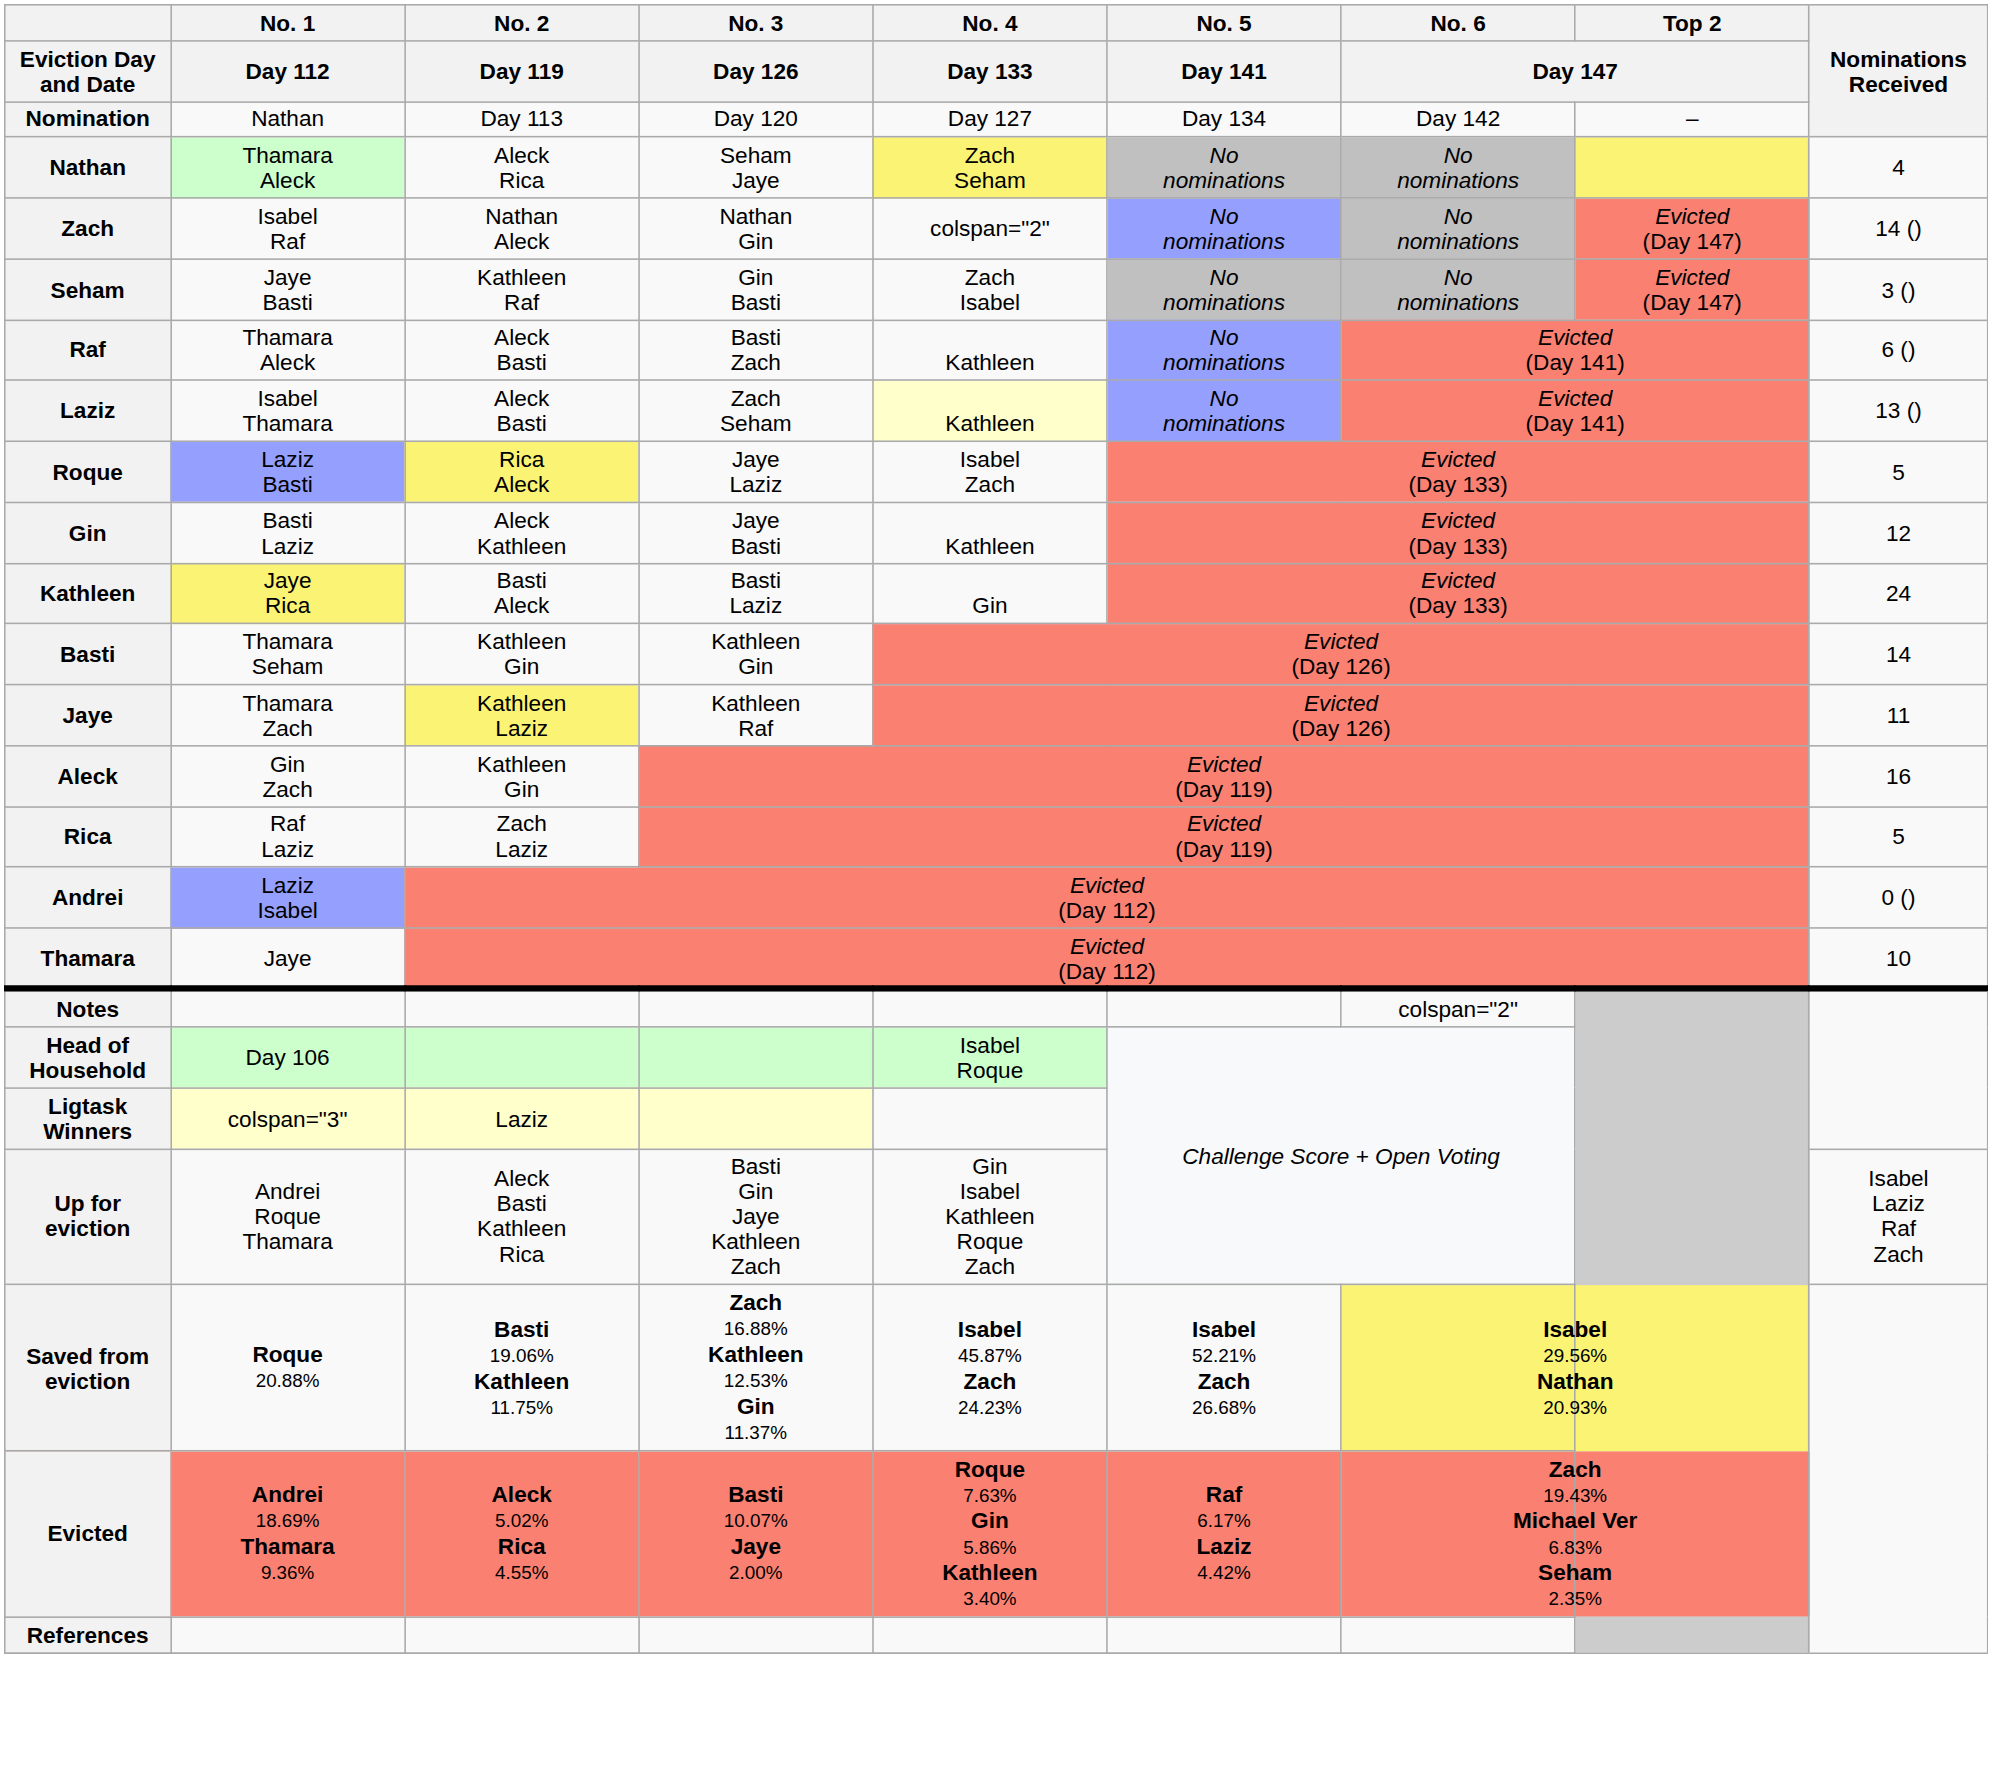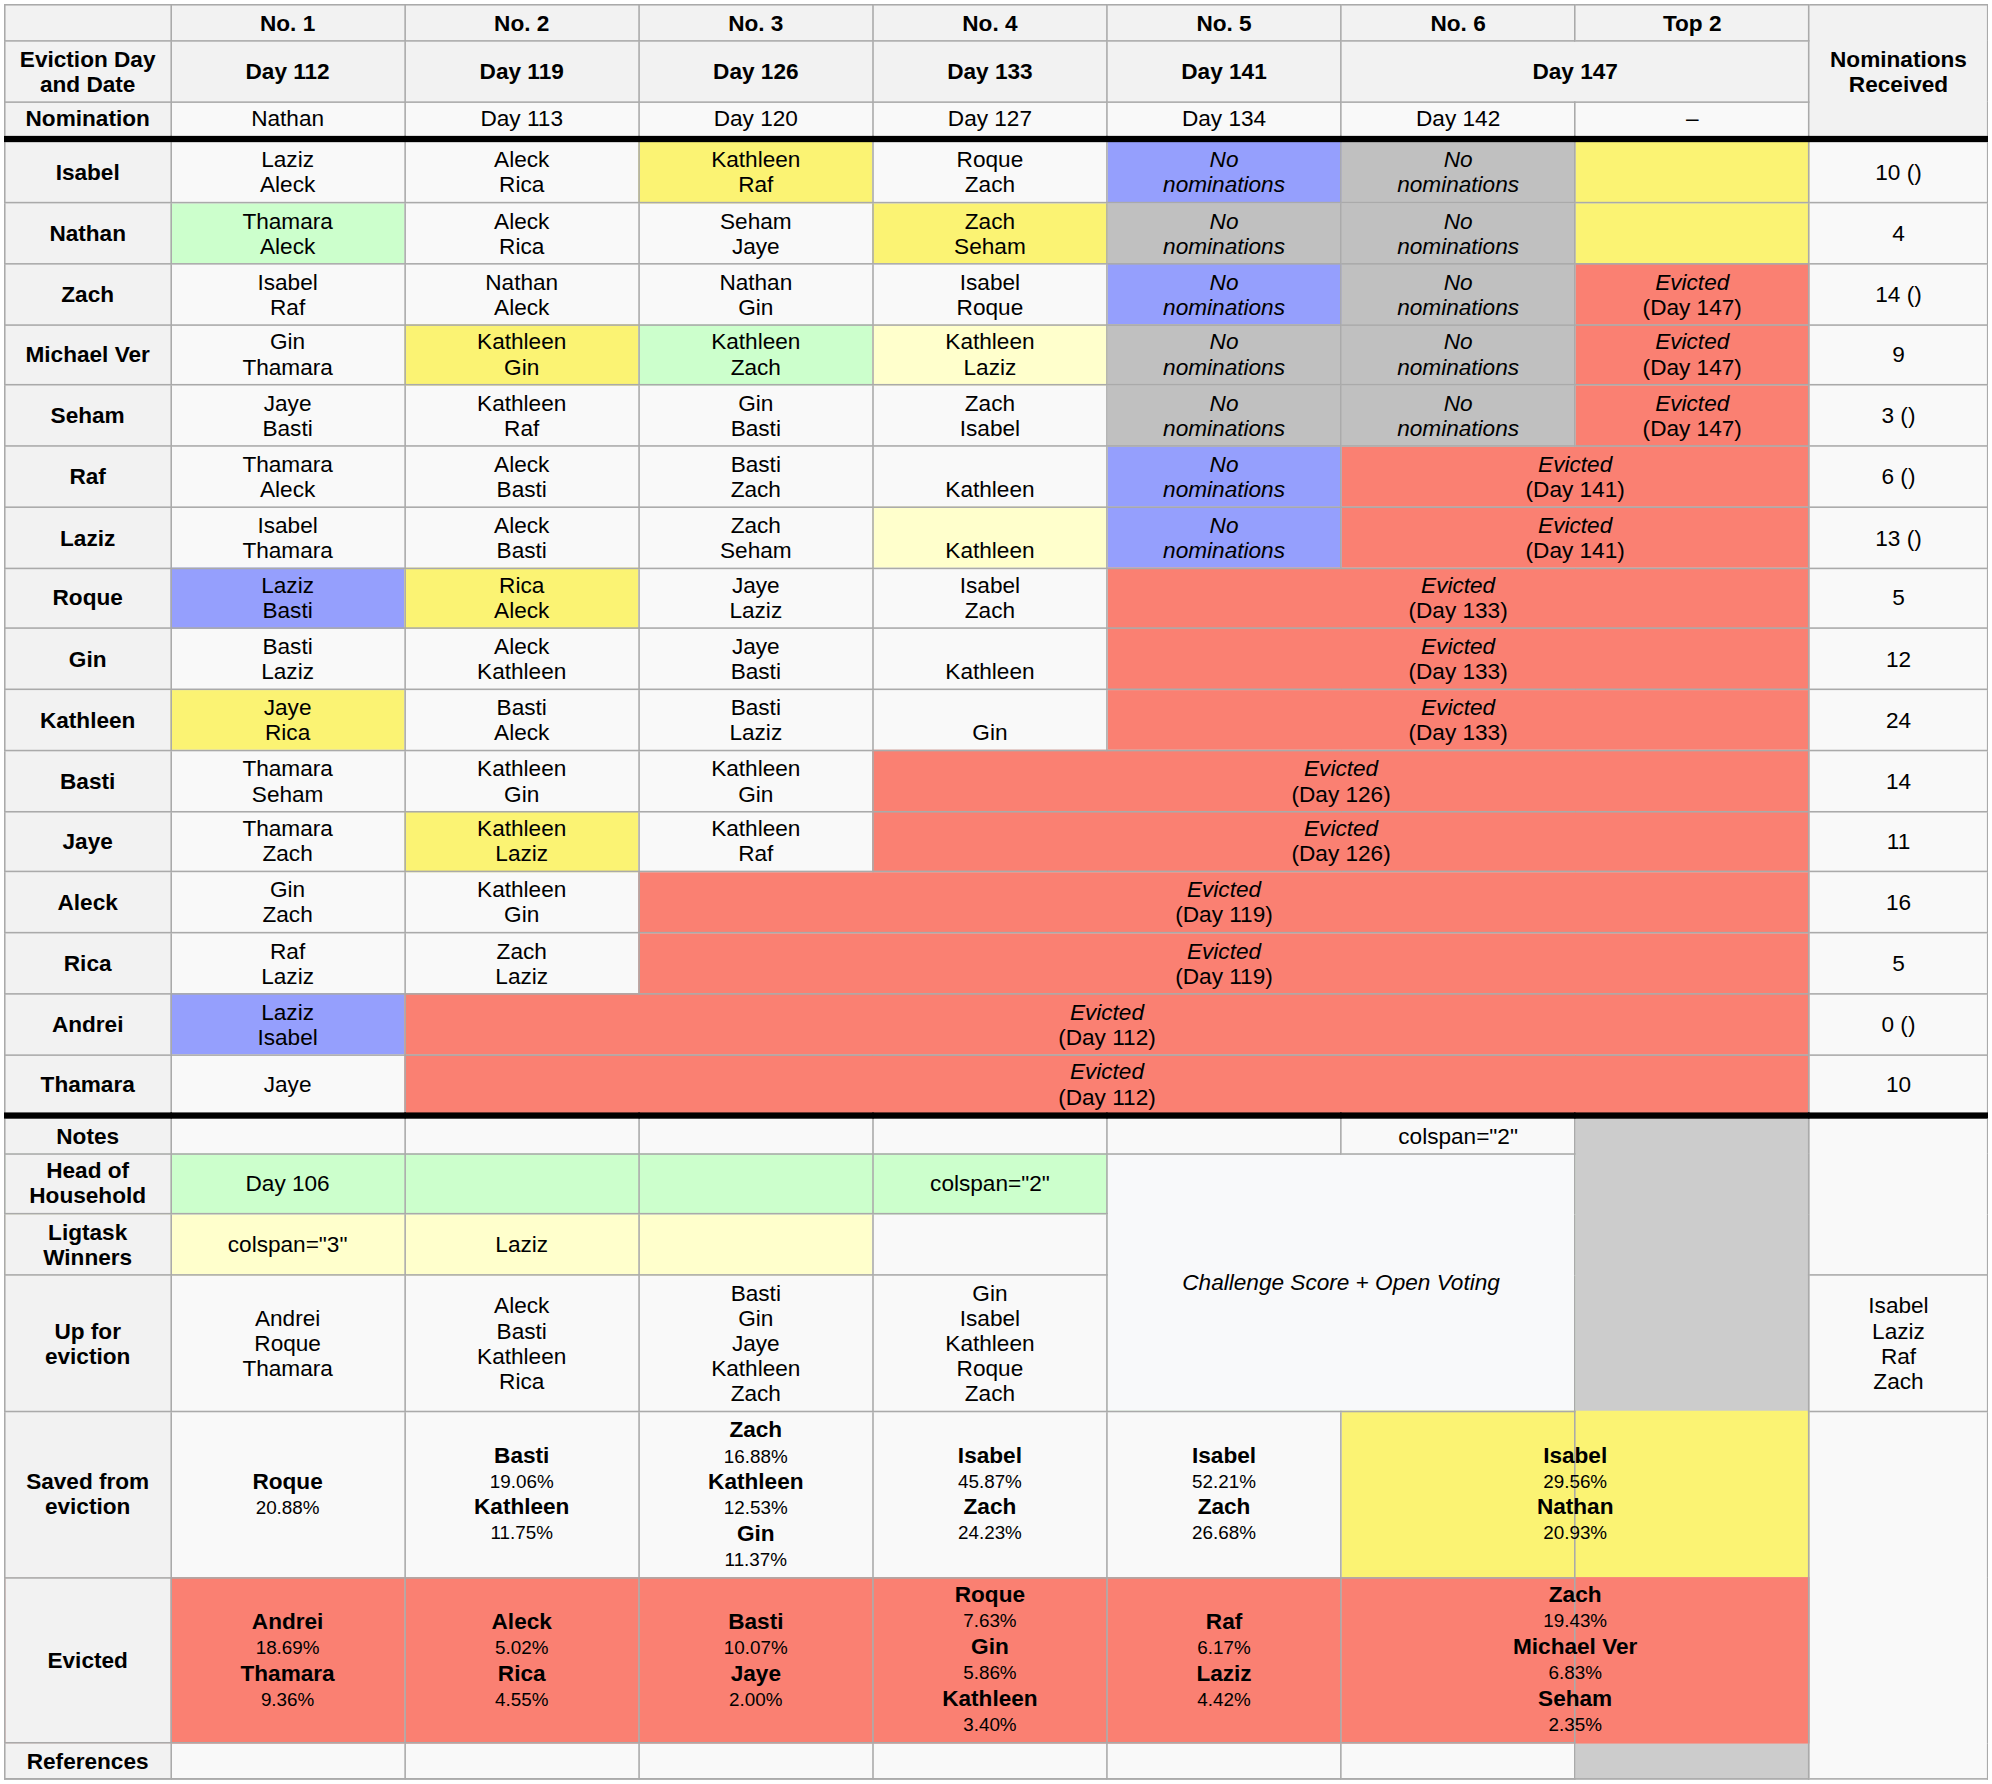 <table class="wikitable" style="width:100%; text-align:center; font-size:90%; line-height:16px;">
 <tr>
 <th width="5%"></th>
 <th width="9%">No. 1</th>
 <th width="9%">No. 2</th>
 <th width="9%">No. 3</th>
 <th width="9%">No. 4</th>
 <th width="9%">No. 5</th>
 <th width="9%">No. 6</th>
 <th width="9%">Top 2</th>
 <th width="5%" rowspan="3">Nominations<br>Received</th>
 </tr>
 <tr>
 <th>Eviction Day<br>and Date</th>
 <th>Day 112<br><small></small></th>
 <th>Day 119<br><small></small></th>
 <th>Day 126<br><small></small></th>
 <th>Day 133<br><small></small></th>
 <th>Day 141<br><small></small></th>
 <th colspan="2">Day 147<br><small></small></th>
 </tr>
 <tr>
 <th>Nomination <br></th>
 <td>Nathan</td>
 <td>Day 113<br><small></small></td>
 <td>Day 120<br><small></small></td>
 <td>Day 127<br><small></small></td>
 <td>Day 134<br><small></small></td>
 <td>Day 142<br><small></small></td>
 <td>–</td>
 </tr>
+<tr style="border-top: 4px solid;">
+<th>Isabel</th>
+<td>Laziz<br>Aleck</td>
+<td>Aleck<br>Rica</td>
+<td style="background:#FBF373;">Kathleen<br>Raf</td>
+<td>Roque<br>Zach</td>
+<td style="background:#959FFD;"><em>No<br>nominations</em></td>
+<td style="background:#C0C0C0;"><em>No<br>nominations</em></td>
+<td style="background:#FBF373;"><strong></strong><br></td>
+<td>10 ()</td>
+</tr>
 <tr>
 <th>Nathan</th>
 <td style="background:#CCFFCC;">Thamara<br>Aleck</td>
 <td>Aleck<br>Rica</td>
 <td>Seham<br>Jaye</td>
 <td style="background:#FBF373;">Zach<br>Seham</td>
 <td style="background:#C0C0C0;"><em>No<br>nominations</em></td>
 <td style="background:#C0C0C0;"><em>No<br>nominations</em></td>
 <td style="background:#FBF373;"><strong></strong><br></td>
 <td>4</td>
 </tr>
 <tr>
 <th>Zach</th>
 <td>Isabel<br>Raf</td>
 <td>Nathan<br>Aleck</td>
 <td>Nathan<br>Gin</td>
-<td>colspan="2"</td>
+<td>Isabel<br>Roque</td>
 <td style="background:#959FFD;"><em>No<br>nominations</em></td>
 <td style="background:#C0C0C0;"><em>No<br>nominations</em></td>
 <td style="background:#FA8072"><em>Evicted</em><br>(Day 147)</td>
 <td>14 ()</td>
+</tr>
+<tr>
+<th>Michael Ver</th>
+<td>Gin<br>Thamara</td>
+<td style="background:#FBF373;">Kathleen<br>Gin</td>
+<td style="background:#CCFFCC;">Kathleen<br>Zach</td>
+<td style="background:#FFFFCC;">Kathleen<br>Laziz</td>
+<td style="background:#C0C0C0;"><em>No<br>nominations</em></td>
+<td style="background:#C0C0C0;"><em>No<br>nominations</em></td>
+<td style="background:#FA8072"><em>Evicted</em><br>(Day 147)</td>
+<td>9</td>
 </tr>
 <tr>
 <th>Seham</th>
 <td>Jaye<br>Basti</td>
 <td>Kathleen<br>Raf</td>
 <td>Gin<br>Basti</td>
 <td>Zach<br>Isabel</td>
 <td style="background:#C0C0C0;"><em>No<br>nominations</em></td>
 <td style="background:#C0C0C0;"><em>No<br>nominations</em></td>
 <td style="background:#FA8072"><em>Evicted</em><br>(Day 147)</td>
 <td>3 ()</td>
 </tr>
 <tr>
 <th>Raf</th>
 <td>Thamara<br>Aleck</td>
 <td>Aleck<br>Basti</td>
 <td>Basti<br>Zach</td>
 <td><br>Kathleen</td>
 <td style="background:#959FFD;"><em>No<br>nominations</em></td>
 <td colspan="2" style="background:#FA8072"><em>Evicted</em><br>(Day 141)</td>
 <td>6 ()</td>
 </tr>
 <tr>
 <th>Laziz</th>
 <td>Isabel<br>Thamara</td>
 <td>Aleck<br>Basti</td>
 <td>Zach<br>Seham</td>
 <td style="background:#FFFFCC;"><br>Kathleen</td>
 <td style="background:#959FFD;"><em>No<br>nominations</em></td>
 <td colspan="2" style="background:#FA8072"><em>Evicted</em><br>(Day 141)</td>
 <td>13 ()</td>
 </tr>
 <tr>
 <th>Roque</th>
 <td style="background:#959FFD;">Laziz<br>Basti</td>
 <td style="background:#FBF373;">Rica<br>Aleck</td>
 <td>Jaye<br>Laziz</td>
 <td>Isabel<br>Zach</td>
 <td colspan="3" style="background:#FA8072"><em>Evicted</em><br>(Day 133)</td>
 <td>5</td>
 </tr>
 <tr>
 <th>Gin</th>
 <td>Basti<br>Laziz</td>
 <td>Aleck<br>Kathleen</td>
 <td>Jaye<br>Basti</td>
 <td><br>Kathleen</td>
 <td colspan="3" style="background:#FA8072"><em>Evicted</em><br>(Day 133)</td>
 <td>12</td>
 </tr>
 <tr>
 <th>Kathleen</th>
 <td style="background:#FBF373;">Jaye<br>Rica</td>
 <td>Basti<br>Aleck</td>
 <td>Basti<br>Laziz</td>
 <td><br>Gin</td>
 <td colspan="3" style="background:#FA8072"><em>Evicted</em><br>(Day 133)</td>
 <td>24</td>
 </tr>
 <tr>
 <th>Basti</th>
 <td>Thamara<br>Seham</td>
 <td>Kathleen<br>Gin</td>
 <td>Kathleen<br>Gin</td>
 <td colspan="4" style="background:#FA8072"><em>Evicted</em><br>(Day 126)</td>
 <td>14</td>
 </tr>
 <tr>
 <th>Jaye</th>
 <td>Thamara<br>Zach</td>
 <td style="background:#FBF373;">Kathleen<br>Laziz</td>
 <td>Kathleen<br>Raf</td>
 <td colspan="4" style="background:#FA8072"><em>Evicted</em><br>(Day 126)</td>
 <td>11</td>
 </tr>
 <tr>
 <th>Aleck</th>
 <td>Gin<br>Zach</td>
 <td>Kathleen<br>Gin</td>
 <td colspan="5" style="background:#FA8072"><em>Evicted</em><br>(Day 119)</td>
 <td>16</td>
 </tr>
 <tr>
 <th>Rica</th>
 <td>Raf<br>Laziz</td>
 <td>Zach<br>Laziz</td>
 <td colspan="5" style="background:#FA8072"><em>Evicted</em><br>(Day 119)</td>
 <td>5</td>
 </tr>
 <tr>
 <th>Andrei</th>
 <td style="background:#959FFD;">Laziz<br>Isabel</td>
 <td colspan="6" style="background:#FA8072"><em>Evicted</em><br>(Day 112)</td>
 <td>0 ()</td>
 </tr>
 <tr>
 <th>Thamara</th>
 <td>Jaye<br></td>
 <td colspan="6" style="background:#FA8072"><em>Evicted</em><br>(Day 112)</td>
 <td>10</td>
 </tr>
 <tr>
 </tr>
 <tr style="border-top: 4px solid;">
 <th>Notes</th>
 <td>   </td>
 <td>  </td>
 <td>  </td>
 <td>      </td>
 <td>     </td>
 <td>colspan="2" </td>
 <td rowspan="9" style="background:#CCCCCC"></td>
 </tr>
 <tr style="background:#CCFFCC;">
 <th>Head of<br>Household</th>
 <td>Day 106<br><small></small></td>
 <td></td>
 <td></td>
-<td>Isabel<br>Roque</td>
+<td>colspan="2"</td>
 <td colspan="2" rowspan="3" style="background:#F8F9FA"><em>Challenge Score + Open Voting</em></td>
 </tr>
 <tr style="background:#FFFFCC;">
 <th>Ligtask Winners</th>
 <td>colspan="3" </td>
 <td>Laziz<br></td>
 <td></td>
 </tr>
 <tr>
 <th>Up for eviction</th>
 <td>Andrei<br>Roque<br>Thamara</td>
 <td>Aleck<br>Basti<br>Kathleen<br>Rica</td>
 <td>Basti<br>Gin<br>Jaye<br>Kathleen<br>Zach</td>
 <td>Gin<br>Isabel<br>Kathleen<br>Roque<br>Zach</td>
 <td>Isabel<br>Laziz<br>Raf<br>Zach</td>
 </tr>
 <tr>
 <th>Saved from eviction</th>
 <td><strong>Roque</strong><br><small>20.88%</small></td>
 <td><strong>Basti</strong><br><small>19.06%</small><br><strong>Kathleen</strong><br><small>11.75%</small></td>
 <td><strong>Zach</strong><br><small>16.88%</small><br><strong>Kathleen</strong><br><small>12.53%</small><br> <strong>Gin</strong><br><small>11.37%</small></td>
 <td><strong>Isabel</strong><br><small>45.87%</small><br><strong>Zach</strong><br><small>24.23%</small></td>
 <td><strong>Isabel</strong><br><small>52.21%</small><br><strong>Zach</strong><br><small>26.68%</small></td>
 <td colspan="2" style="background:#FBF373;"><strong>Isabel</strong><br><small>29.56%</small><br><strong>Nathan</strong><br><small>20.93%</small></td>
 </tr>
 <tr style="background:#FA8072">
 <th>Evicted</th>
 <td><strong>Andrei</strong><br><small>18.69%</small><br><strong>Thamara</strong><br><small>9.36%</small></td>
 <td><strong>Aleck</strong><br><small>5.02%</small><br><strong>Rica</strong><br><small>4.55%</small></td>
 <td><strong>Basti</strong><br><small>10.07%</small><br><strong>Jaye</strong><br><small>2.00%</small><br></td>
 <td><strong>Roque</strong><br><small>7.63%</small><br><strong>Gin</strong><br><small>5.86%</small><br><strong>Kathleen</strong><br><small>3.40%</small></td>
 <td><strong>Raf</strong><br><small>6.17%</small><br><strong>Laziz</strong><br><small>4.42%</small></td>
 <td colspan="2"><strong>Zach</strong><br><small>19.43%</small><br><strong>Michael Ver</strong><br><small>6.83%</small><br><strong>Seham</strong><br><small>2.35%</small></td>
 </tr>
 <tr>
 <th>References</th>
 <td></td>
 <td></td>
 <td></td>
 <td></td>
 <td></td>
 <td colspan="2"></td>
 </tr>
 <tr>
 </tr>
 </table>
